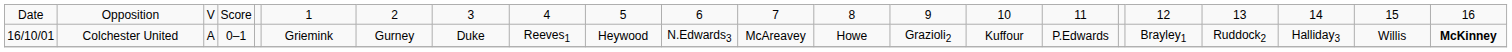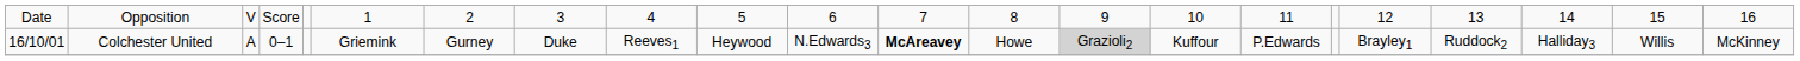 <table class="wikitable" style="font-size: 80%; text-align: center;">
 <tr style="text-align:center;">
 <td style="width:10px; ">Date</td>
 <td style="width:150px; ">Opposition</td>
 <td style="width:5px; ">V</td>
 <td style="width:5px; ">Score</td>
 <td style="width:1px; text-align:center;"></td>
 <td style="width:95px; ">1</td>
 <td style="width:75px; ">2</td>
 <td style="width:75px; ">3</td>
 <td style="width:75px; ">4</td>
 <td style="width:75px; ">5</td>
 <td style="width:75px; ">6</td>
 <td style="width:75px; ">7</td>
 <td style="width:75px; ">8</td>
 <td style="width:75px; ">9</td>
 <td style="width:75px; ">10</td>
 <td style="width:75px; ">11</td>
 <td style="width:1px; text-align:center;"></td>
 <td style="width:75px; ">12</td>
 <td style="width:75px; ">13</td>
 <td style="width:75px; ">14</td>
 <td style="width:75px; ">15</td>
 <td style="width:75px; ">16</td>
 </tr>
 <tr>
 <td>16/10/01</td>
 <td>Colchester United</td>
 <td>A</td>
 <td>0–1</td>
 <td></td>
 <td>Griemink</td>
 <td>Gurney</td>
 <td>Duke</td>
 <td>Reeves<sub>1</sub></td>
 <td>Heywood</td>
 <td>N.Edwards<sub>3</sub></td>
-<td>McAreavey</td>
+<td><strong>McAreavey</strong></td>
 <td>Howe</td>
-<td>Grazioli<sub>2</sub></td>
+<td style="background: lightgrey;">Grazioli<sub>2</sub></td>
 <td>Kuffour</td>
 <td>P.Edwards</td>
 <td></td>
 <td>Brayley<sub>1</sub></td>
 <td>Ruddock<sub>2</sub></td>
 <td>Halliday<sub>3</sub></td>
 <td>Willis</td>
-<td><strong>McKinney</strong></td>
+<td>McKinney</td>
 </tr>
 <tr>
 </tr>
 </table>
